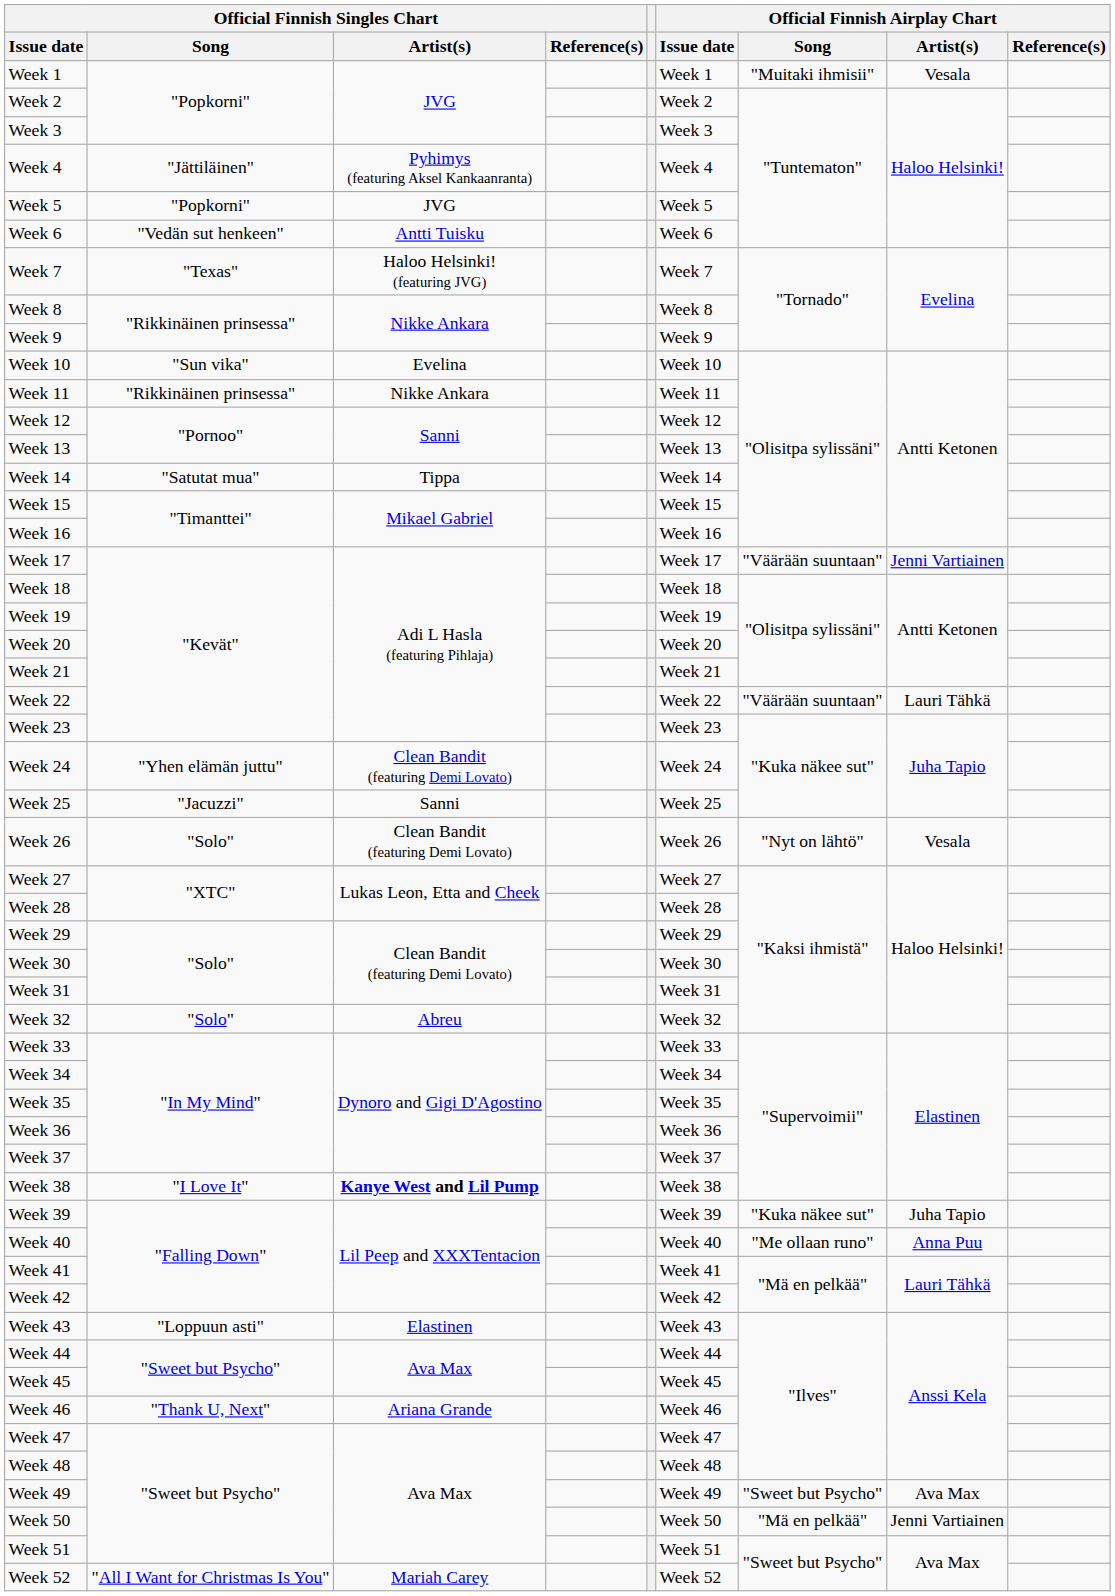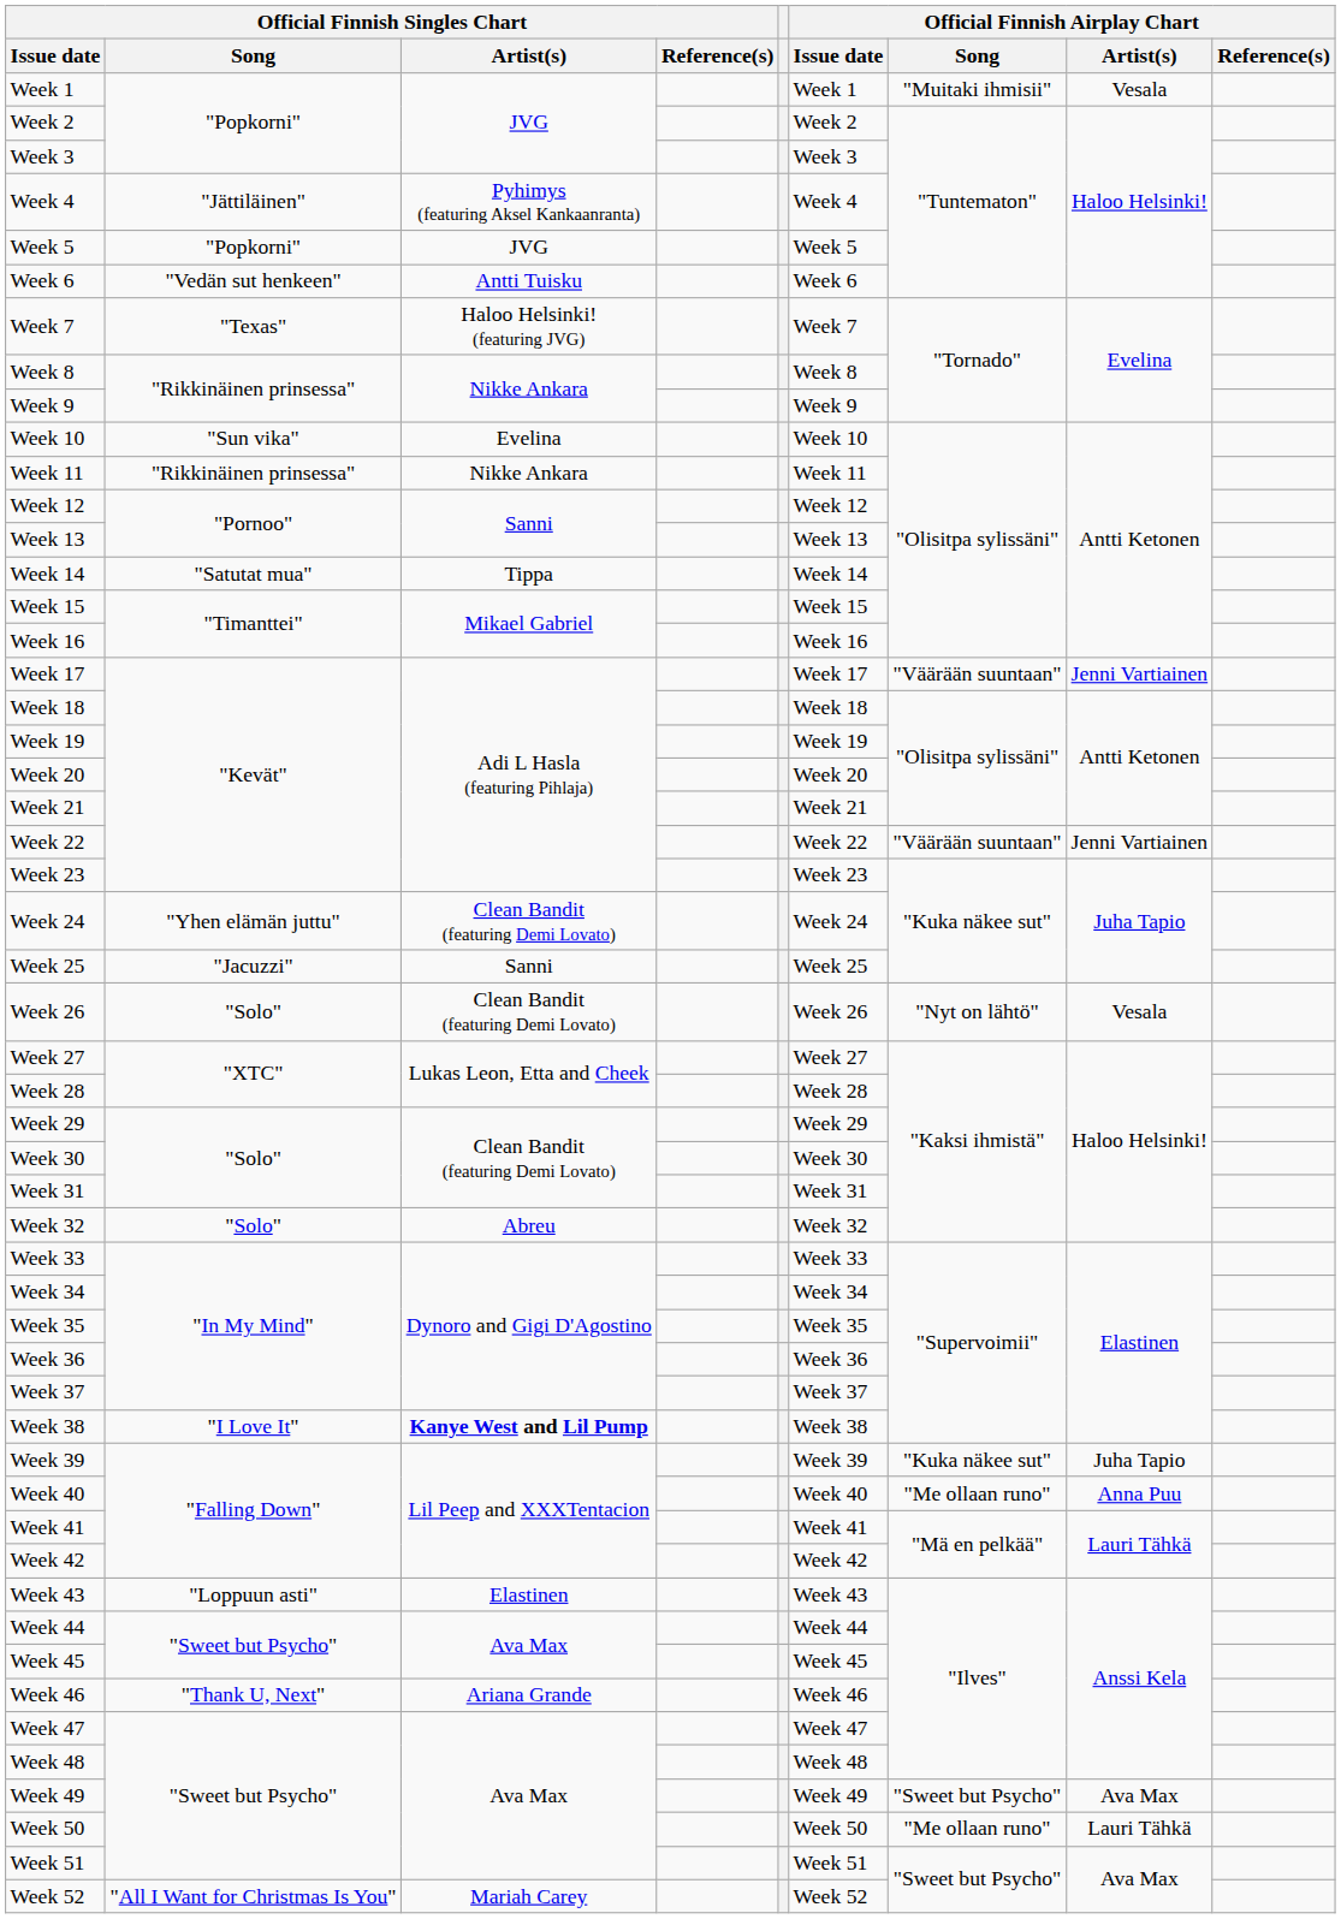 <table class="wikitable">
 <tr>
 <th style="text-align: center;" colspan="4">Official Finnish Singles Chart</th>
 <th style="text-align: center;" colspan="1"></th>
 <th style="text-align: center;" colspan="4">Official Finnish Airplay Chart</th>
 </tr>
 <tr>
 <th style="text-align: center;">Issue date</th>
 <th style="text-align: center;">Song</th>
 <th style="text-align: center;">Artist(s)</th>
 <th style="text-align: center;">Reference(s)</th>
 <th style="text-align: center;"></th>
 <th style="text-align: center;">Issue date</th>
 <th style="text-align: center;">Song</th>
 <th style="text-align: center;">Artist(s)</th>
 <th style="text-align: center;">Reference(s)</th>
 </tr>
 <tr>
 <td>Week 1</td>
 <td style="text-align: center;" rowspan="3">"Popkorni"</td>
 <td style="text-align: center;" rowspan="3"><a href='#'>JVG</a></td>
 <td style="text-align: center;"></td>
 <th style="text-align: center;"></th>
 <td style="text-align: left;">Week 1</td>
 <td style="text-align: center;">"Muitaki ihmisii"</td>
 <td style="text-align: center;">Vesala</td>
 <td style="text-align: center;"></td>
 </tr>
 <tr>
 <td>Week 2</td>
 <td style="text-align: center;"></td>
 <th style="text-align: center;"></th>
 <td style="text-align: left;">Week 2</td>
 <td style="text-align: center;" rowspan="5">"Tuntematon"</td>
 <td style="text-align: center;" rowspan="5"><a href='#'>Haloo Helsinki!</a></td>
 <td style="text-align: center;"></td>
 </tr>
 <tr>
 <td>Week 3</td>
 <td style="text-align: center;"></td>
 <th style="text-align: center;"></th>
 <td style="text-align: left;">Week 3</td>
 <td style="text-align: center;"></td>
 </tr>
 <tr>
 <td>Week 4</td>
 <td style="text-align: center;">"Jättiläinen"</td>
 <td style="text-align: center;"><a href='#'>Pyhimys</a><br><small>(featuring Aksel Kankaanranta)</small></td>
 <td style="text-align: center;"></td>
 <th style="text-align: center;"></th>
 <td style="text-align: left;">Week 4</td>
 <td style="text-align: center;"></td>
 </tr>
 <tr>
 <td>Week 5</td>
 <td style="text-align: center;">"Popkorni"</td>
 <td style="text-align: center;">JVG</td>
 <td style="text-align: center;"></td>
 <th style="text-align: center;"></th>
 <td style="text-align: left;">Week 5</td>
 <td style="text-align: center;"></td>
 </tr>
 <tr>
 <td>Week 6</td>
 <td style="text-align: center;">"Vedän sut henkeen"</td>
 <td style="text-align: center;"><a href='#'>Antti Tuisku</a></td>
 <td style="text-align: center;"></td>
 <th style="text-align: center;"></th>
 <td style="text-align: left;">Week 6</td>
 <td style="text-align: center;"></td>
 </tr>
 <tr>
 <td>Week 7</td>
 <td style="text-align: center;">"Texas"</td>
 <td style="text-align: center;">Haloo Helsinki!<br><small>(featuring JVG)</small></td>
 <td style="text-align: center;"></td>
 <th style="text-align: center;"></th>
 <td style="text-align: left;">Week 7</td>
 <td style="text-align: center;" rowspan="3">"Tornado"</td>
 <td style="text-align: center;" rowspan="3"><a href='#'>Evelina</a></td>
 <td style="text-align: center;"></td>
 </tr>
 <tr>
 <td>Week 8</td>
 <td style="text-align: center;" rowspan="2">"Rikkinäinen prinsessa"</td>
 <td style="text-align: center;" rowspan="2"><a href='#'>Nikke Ankara</a></td>
 <td style="text-align: center;"></td>
 <th style="text-align: center;"></th>
 <td style="text-align: left;">Week 8</td>
 <td style="text-align: center;"></td>
 </tr>
 <tr>
 <td>Week 9</td>
 <td style="text-align: center;"></td>
 <th style="text-align: center;"></th>
 <td style="text-align: left;">Week 9</td>
 <td style="text-align: center;"></td>
 </tr>
 <tr>
 <td>Week 10</td>
 <td style="text-align: center;">"Sun vika"</td>
 <td style="text-align: center;">Evelina</td>
 <td style="text-align: center;"></td>
 <th style="text-align: center;"></th>
 <td style="text-align: left;">Week 10</td>
 <td style="text-align: center;" rowspan="7">"Olisitpa sylissäni"</td>
 <td style="text-align: center;" rowspan="7">Antti Ketonen</td>
 <td style="text-align: center;"></td>
 </tr>
 <tr>
 <td>Week 11</td>
 <td style="text-align: center;">"Rikkinäinen prinsessa"</td>
 <td style="text-align: center;">Nikke Ankara</td>
 <td style="text-align: center;"></td>
 <th style="text-align: center;"></th>
 <td style="text-align: left;">Week 11</td>
 <td style="text-align: center;"></td>
 </tr>
 <tr>
 <td>Week 12</td>
 <td style="text-align: center;" rowspan="2">"Pornoo"</td>
 <td style="text-align: center;" rowspan="2"><a href='#'>Sanni</a></td>
 <td style="text-align: center;"></td>
 <th style="text-align: center;"></th>
 <td style="text-align: left;">Week 12</td>
 <td style="text-align: center;"></td>
 </tr>
 <tr>
 <td>Week 13</td>
 <td style="text-align: center;"></td>
 <th style="text-align: center;"></th>
 <td style="text-align: left;">Week 13</td>
 <td style="text-align: center;"></td>
 </tr>
 <tr>
 <td>Week 14</td>
 <td style="text-align: center;">"Satutat mua"</td>
 <td style="text-align: center;">Tippa</td>
 <td style="text-align: center;"></td>
 <th style="text-align: center;"></th>
 <td style="text-align: left;">Week 14</td>
 <td style="text-align: center;"></td>
 </tr>
 <tr>
 <td>Week 15</td>
 <td style="text-align: center;" rowspan="2">"Timanttei"</td>
 <td style="text-align: center;" rowspan="2"><a href='#'>Mikael Gabriel</a></td>
 <td style="text-align: center;"></td>
 <th style="text-align: center;"></th>
 <td style="text-align: left;">Week 15</td>
 <td style="text-align: center;"></td>
 </tr>
 <tr>
 <td>Week 16</td>
 <td style="text-align: center;"></td>
 <th style="text-align: center;"></th>
 <td style="text-align: left;">Week 16</td>
 <td style="text-align: center;"></td>
 </tr>
 <tr>
 <td>Week 17</td>
 <td style="text-align: center;" rowspan="7">"Kevät"</td>
 <td style="text-align: center;" rowspan="7">Adi L Hasla<br><small>(featuring Pihlaja)</small></td>
 <td style="text-align: center;"></td>
 <th style="text-align: center;"></th>
 <td style="text-align: left;">Week 17</td>
 <td style="text-align: center;">"Väärään suuntaan"</td>
 <td style="text-align: center;"><a href='#'>Jenni Vartiainen</a></td>
 <td style="text-align: center;"></td>
 </tr>
 <tr>
 <td>Week 18</td>
 <td style="text-align: center;"></td>
 <th style="text-align: center;"></th>
 <td style="text-align: left;">Week 18</td>
 <td style="text-align: center;" rowspan="4">"Olisitpa sylissäni"</td>
 <td style="text-align: center;" rowspan="4">Antti Ketonen</td>
 <td style="text-align: center;"></td>
 </tr>
 <tr>
 <td>Week 19</td>
 <td style="text-align: center;"></td>
 <th style="text-align: center;"></th>
 <td style="text-align: left;">Week 19</td>
 <td style="text-align: center;"></td>
 </tr>
 <tr>
 <td>Week 20</td>
 <td style="text-align: center;"></td>
 <th style="text-align: center;"></th>
 <td style="text-align: left;">Week 20</td>
 <td style="text-align: center;"></td>
 </tr>
 <tr>
 <td>Week 21</td>
 <td style="text-align: center;"></td>
 <th style="text-align: center;"></th>
 <td style="text-align: left;">Week 21</td>
 <td style="text-align: center;"></td>
 </tr>
 <tr>
 <td>Week 22</td>
 <td style="text-align: center;"></td>
 <th style="text-align: center;"></th>
 <td style="text-align: left;">Week 22</td>
 <td style="text-align: center;">"Väärään suuntaan"</td>
-<td style="text-align: center;">Lauri Tähkä</td>
+<td style="text-align: center;">Jenni Vartiainen</td>
 <td style="text-align: center;"></td>
 </tr>
 <tr>
 <td>Week 23</td>
 <td style="text-align: center;"></td>
 <th style="text-align: center;"></th>
 <td style="text-align: left;">Week 23</td>
 <td style="text-align: center;" rowspan="3">"Kuka näkee sut"</td>
 <td style="text-align: center;" rowspan="3"><a href='#'>Juha Tapio</a></td>
 <td style="text-align: center;"></td>
 </tr>
 <tr>
 <td>Week 24</td>
 <td style="text-align: center;">"Yhen elämän juttu"</td>
 <td style="text-align: center;"><a href='#'>Clean Bandit</a><br><small>(featuring <a href='#'>Demi Lovato</a>)</small></td>
 <td style="text-align: center;"></td>
 <th style="text-align: center;"></th>
 <td style="text-align: left;">Week 24</td>
 <td style="text-align: center;"></td>
 </tr>
 <tr>
 <td>Week 25</td>
 <td style="text-align: center;">"Jacuzzi"</td>
 <td style="text-align: center;">Sanni</td>
 <td style="text-align: center;"></td>
 <th style="text-align: center;"></th>
 <td style="text-align: left;">Week 25</td>
 <td style="text-align: center;"></td>
 </tr>
 <tr>
 <td>Week 26</td>
 <td style="text-align: center;">"Solo"</td>
 <td style="text-align: center;">Clean Bandit<br><small>(featuring Demi Lovato)</small></td>
 <td style="text-align: center;"></td>
 <th style="text-align: center;"></th>
 <td style="text-align: left;">Week 26</td>
 <td style="text-align: center;">"Nyt on lähtö"</td>
 <td style="text-align: center;">Vesala</td>
 <td style="text-align: center;"></td>
 </tr>
 <tr>
 <td>Week 27</td>
 <td style="text-align: center;" rowspan="2">"XTC"</td>
 <td style="text-align: center;" rowspan="2">Lukas Leon, Etta and <a href='#'>Cheek</a></td>
 <td style="text-align: center;"></td>
 <th style="text-align: center;"></th>
 <td style="text-align: left;">Week 27</td>
 <td style="text-align: center;" rowspan="6">"Kaksi ihmistä"</td>
 <td style="text-align: center;" rowspan="6">Haloo Helsinki!</td>
 <td style="text-align: center;"></td>
 </tr>
 <tr>
 <td>Week 28</td>
 <td style="text-align: center;"></td>
 <th style="text-align: center;"></th>
 <td style="text-align: left;">Week 28</td>
 <td style="text-align: center;"></td>
 </tr>
 <tr>
 <td>Week 29</td>
 <td style="text-align: center;" rowspan="3">"Solo"</td>
 <td style="text-align: center;" rowspan="3">Clean Bandit<br><small>(featuring Demi Lovato)</small></td>
 <td style="text-align: center;"></td>
 <th style="text-align: center;"></th>
 <td style="text-align: left;">Week 29</td>
 <td style="text-align: center;"></td>
 </tr>
 <tr>
 <td>Week 30</td>
 <td style="text-align: center;"></td>
 <th style="text-align: center;"></th>
 <td style="text-align: left;">Week 30</td>
 <td style="text-align: center;"></td>
 </tr>
 <tr>
 <td>Week 31</td>
 <td style="text-align: center;"></td>
 <th style="text-align: center;"></th>
 <td style="text-align: left;">Week 31</td>
 <td style="text-align: center;"></td>
 </tr>
 <tr>
 <td>Week 32</td>
 <td style="text-align: center;">"<a href='#'>Solo</a>"</td>
 <td style="text-align: center;"><a href='#'>Abreu</a></td>
 <td style="text-align: center;"></td>
 <th style="text-align: center;"></th>
 <td style="text-align: left;">Week 32</td>
 <td style="text-align: center;"></td>
 </tr>
 <tr>
 <td>Week 33</td>
 <td style="text-align: center;" rowspan="5">"<a href='#'>In My Mind</a>"</td>
 <td style="text-align: center;" rowspan="5"><a href='#'>Dynoro</a> and <a href='#'>Gigi D'Agostino</a></td>
 <td style="text-align: center;"></td>
 <th style="text-align: center;"></th>
 <td style="text-align: left;">Week 33</td>
 <td style="text-align: center;" rowspan="6">"Supervoimii"</td>
 <td style="text-align: center;" rowspan="6"><a href='#'>Elastinen</a></td>
 <td style="text-align: center;"></td>
 </tr>
 <tr>
 <td>Week 34</td>
 <td style="text-align: center;"></td>
 <th style="text-align: center;"></th>
 <td style="text-align: left;">Week 34</td>
 <td style="text-align: center;"></td>
 </tr>
 <tr>
 <td>Week 35</td>
 <td style="text-align: center;"></td>
 <th style="text-align: center;"></th>
 <td style="text-align: left;">Week 35</td>
 <td style="text-align: center;"></td>
 </tr>
 <tr>
 <td>Week 36</td>
 <td style="text-align: center;"></td>
 <th style="text-align: center;"></th>
 <td style="text-align: left;">Week 36</td>
 <td style="text-align: center;"></td>
 </tr>
 <tr>
 <td>Week 37</td>
 <td style="text-align: center;"></td>
 <th style="text-align: center;"></th>
 <td style="text-align: left;">Week 37</td>
 <td style="text-align: center;"></td>
 </tr>
 <tr>
 <td>Week 38</td>
 <td style="text-align: center;">"<a href='#'>I Love It</a>"</td>
 <td style="text-align: center;"><strong><a href='#'>Kanye West</a> and <a href='#'>Lil Pump</a></strong></td>
 <td style="text-align: center;"></td>
 <th style="text-align: center;"></th>
 <td style="text-align: left;">Week 38</td>
 <td style="text-align: center;"></td>
 </tr>
 <tr>
 <td>Week 39</td>
 <td style="text-align: center;" rowspan="4">"<a href='#'>Falling Down</a>"</td>
 <td style="text-align: center;" rowspan="4"><a href='#'>Lil Peep</a> and <a href='#'>XXXTentacion</a></td>
 <td style="text-align: center;"></td>
 <th style="text-align: center;"></th>
 <td style="text-align: left;">Week 39</td>
 <td style="text-align: center;">"Kuka näkee sut"</td>
 <td style="text-align: center;">Juha Tapio</td>
 <td style="text-align: center;"></td>
 </tr>
 <tr>
 <td>Week 40</td>
 <td style="text-align: center;"></td>
 <th style="text-align: center;"></th>
 <td style="text-align: left;">Week 40</td>
 <td style="text-align: center;">"Me ollaan runo"</td>
 <td style="text-align: center;"><a href='#'>Anna Puu</a></td>
 <td style="text-align: center;"></td>
 </tr>
 <tr>
 <td>Week 41</td>
 <td style="text-align: center;"></td>
 <th style="text-align: center;"></th>
 <td style="text-align: left;">Week 41</td>
 <td style="text-align: center;" rowspan="2">"Mä en pelkää"</td>
 <td style="text-align: center;" rowspan="2"><a href='#'>Lauri Tähkä</a></td>
 <td style="text-align: center;"></td>
 </tr>
 <tr>
 <td>Week 42</td>
 <td style="text-align: center;"></td>
 <th style="text-align: center;"></th>
 <td style="text-align: left;">Week 42</td>
 <td style="text-align: center;"></td>
 </tr>
 <tr>
 <td>Week 43</td>
 <td style="text-align: center;">"Loppuun asti"</td>
 <td style="text-align: center;"><a href='#'>Elastinen</a></td>
 <td style="text-align: center;"></td>
 <th style="text-align: center;"></th>
 <td style="text-align: left;">Week 43</td>
 <td style="text-align: center;" rowspan="6">"Ilves"</td>
 <td style="text-align: center;" rowspan="6"><a href='#'>Anssi Kela</a></td>
 <td style="text-align: center;"></td>
 </tr>
 <tr>
 <td>Week 44</td>
 <td style="text-align: center;" rowspan="2">"<a href='#'>Sweet but Psycho</a>"</td>
 <td style="text-align: center;" rowspan="2"><a href='#'>Ava Max</a></td>
 <td style="text-align: center;"></td>
 <th style="text-align: center;"></th>
 <td style="text-align: left;">Week 44</td>
 <td style="text-align: center;"></td>
 </tr>
 <tr>
 <td>Week 45</td>
 <td style="text-align: center;"></td>
 <th style="text-align: center;"></th>
 <td style="text-align: left;">Week 45</td>
 <td style="text-align: center;"></td>
 </tr>
 <tr>
 <td>Week 46</td>
 <td style="text-align: center;">"<a href='#'>Thank U, Next</a>"</td>
 <td style="text-align: center;"><a href='#'>Ariana Grande</a></td>
 <td style="text-align: center;"></td>
 <th style="text-align: center;"></th>
 <td style="text-align: left;">Week 46</td>
 <td style="text-align: center;"></td>
 </tr>
 <tr>
 <td>Week 47</td>
 <td style="text-align: center;" rowspan="5">"Sweet but Psycho"</td>
 <td style="text-align: center;" rowspan="5">Ava Max</td>
 <td style="text-align: center;"></td>
 <th style="text-align: center;"></th>
 <td style="text-align: left;">Week 47</td>
 <td style="text-align: center;"></td>
 </tr>
 <tr>
 <td>Week 48</td>
 <td style="text-align: center;"></td>
 <th style="text-align: center;"></th>
 <td style="text-align: left;">Week 48</td>
 <td style="text-align: center;"></td>
 </tr>
 <tr>
 <td>Week 49</td>
 <td style="text-align: center;"></td>
 <th style="text-align: center;"></th>
 <td style="text-align: left;">Week 49</td>
 <td style="text-align: center;">"Sweet but Psycho"</td>
 <td style="text-align: center;">Ava Max</td>
 <td style="text-align: center;"></td>
 </tr>
 <tr>
 <td>Week 50</td>
 <td style="text-align: center;"></td>
 <th style="text-align: center;"></th>
 <td style="text-align: left;">Week 50</td>
-<td style="text-align: center;">"Mä en pelkää"</td>
-<td style="text-align: center;">Jenni Vartiainen</td>
+<td style="text-align: center;">"Me ollaan runo"</td>
+<td style="text-align: center;">Lauri Tähkä</td>
 <td style="text-align: center;"></td>
 </tr>
 <tr>
 <td>Week 51</td>
 <td style="text-align: center;"></td>
 <th style="text-align: center;"></th>
 <td style="text-align: left;">Week 51</td>
 <td style="text-align: center;" rowspan="2">"Sweet but Psycho"</td>
 <td style="text-align: center;" rowspan="2">Ava Max</td>
 <td style="text-align: center;"></td>
 </tr>
 <tr>
 <td>Week 52</td>
 <td style="text-align: center;">"<a href='#'>All I Want for Christmas Is You</a>"</td>
 <td style="text-align: center;"><a href='#'>Mariah Carey</a></td>
 <td style="text-align: center;"></td>
 <th style="text-align: center;"></th>
 <td style="text-align: left;">Week 52</td>
 <td style="text-align: center;"></td>
 </tr>
 </table>
